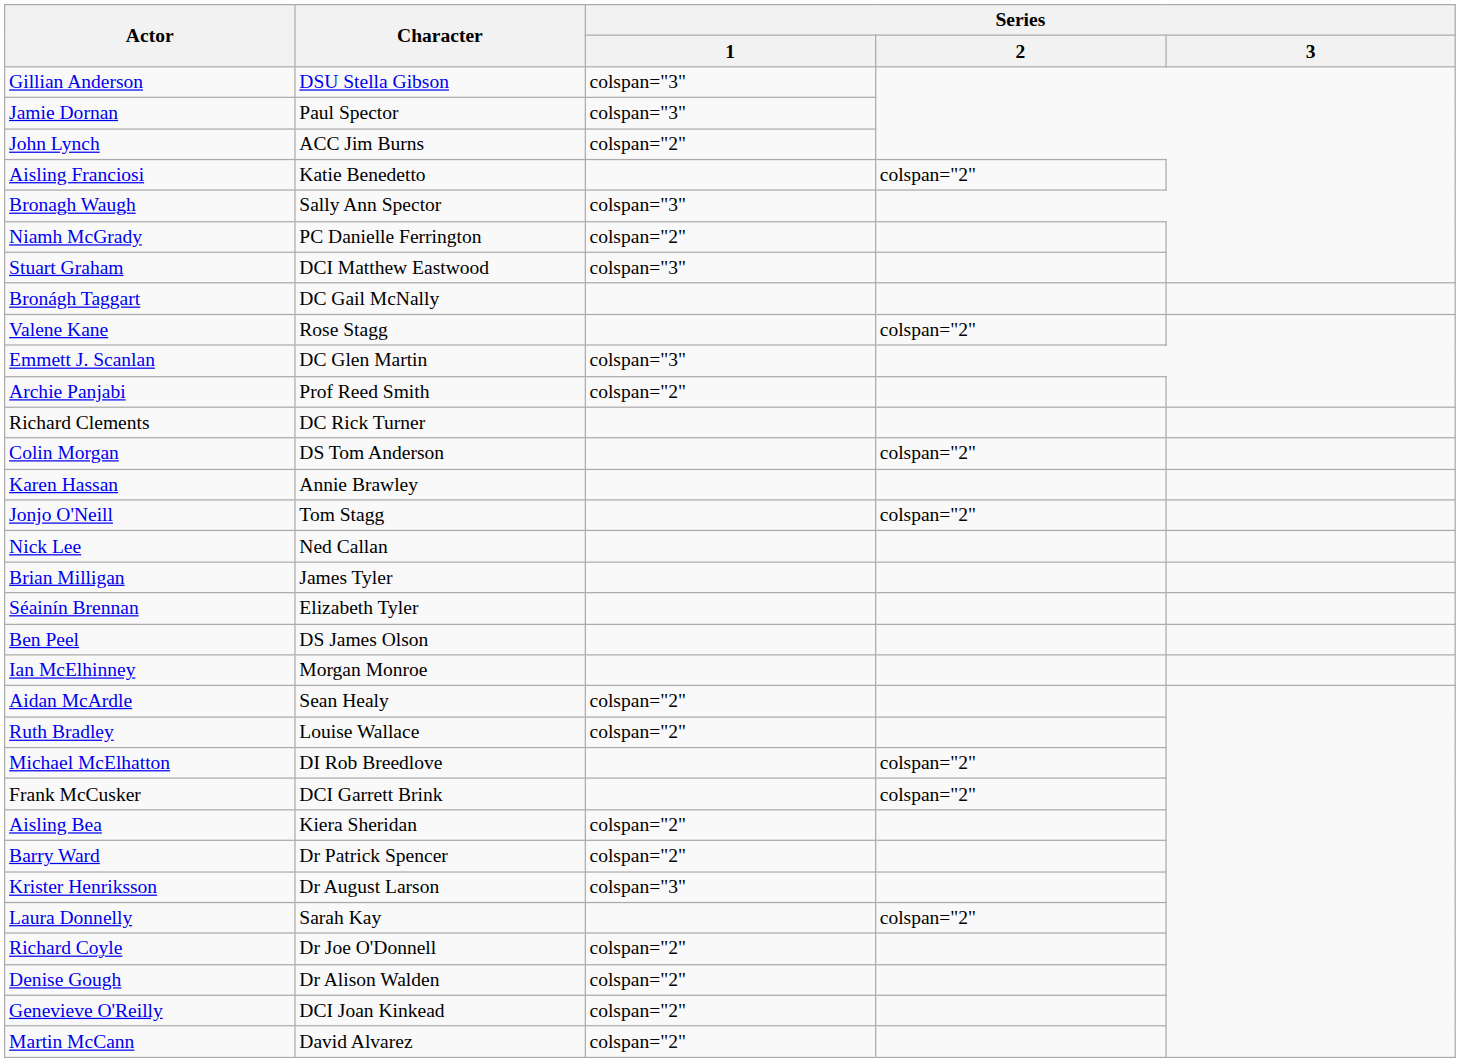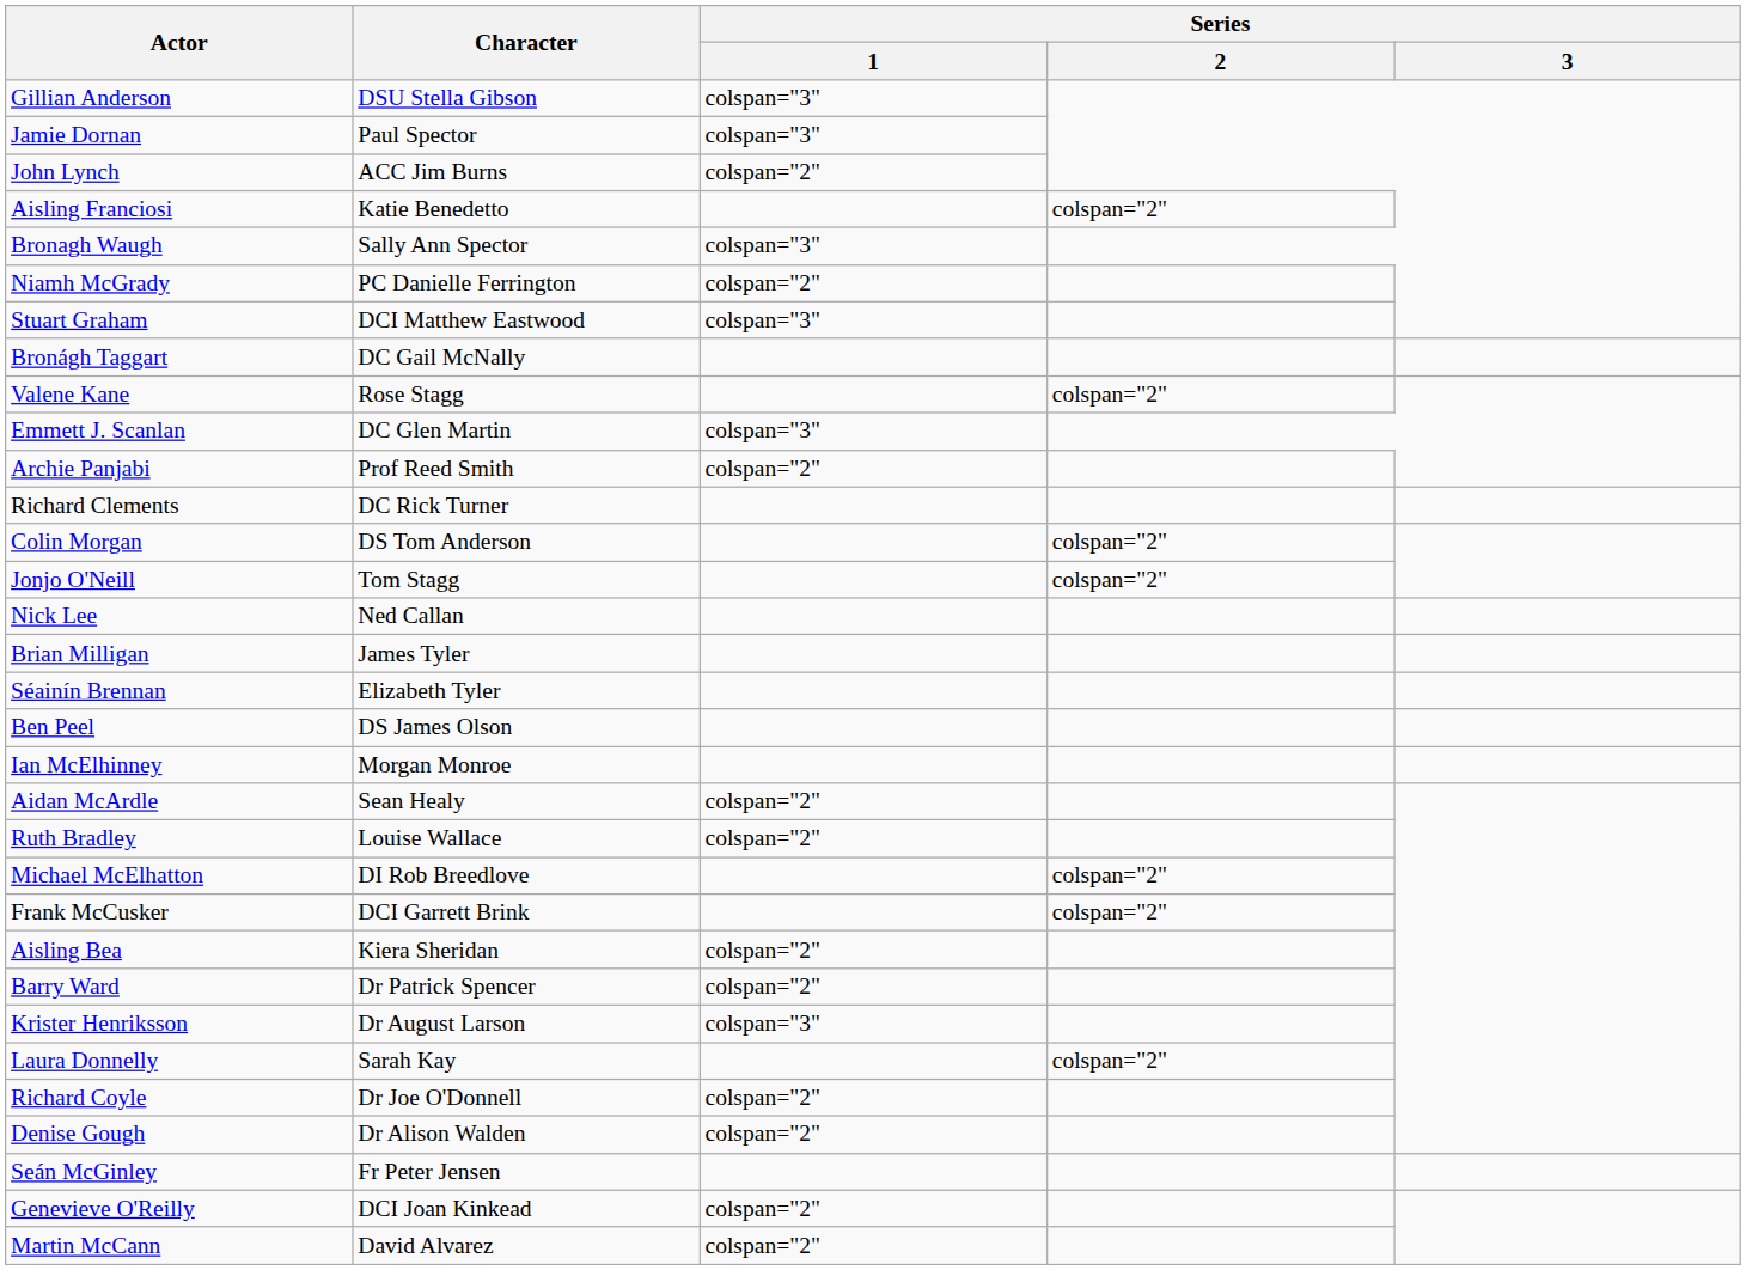 <table class="plainrowheaders wikitable" style="width:60%">
 <tr>
 <th rowspan="2" style="width:20%">Actor</th>
 <th rowspan="2" style="width:20%">Character</th>
 <th colspan="3">Series</th>
 </tr>
 <tr>
 <th style="width:20%">1</th>
 <th style="width:20%">2</th>
 <th style="width:20%">3</th>
 </tr>
 <tr>
 <td><a href='#'>Gillian Anderson</a></td>
 <td><a href='#'>DSU Stella Gibson</a></td>
 <td>colspan="3" </td>
 </tr>
 <tr>
 <td><a href='#'>Jamie Dornan</a></td>
 <td>Paul Spector</td>
 <td>colspan="3" </td>
 </tr>
 <tr>
 <td><a href='#'>John Lynch</a></td>
 <td>ACC Jim Burns</td>
 <td>colspan="2" </td>
 </tr>
 <tr>
 <td><a href='#'>Aisling Franciosi</a></td>
 <td>Katie Benedetto</td>
 <td></td>
 <td>colspan="2" </td>
 </tr>
 <tr>
 <td><a href='#'>Bronagh Waugh</a></td>
 <td>Sally Ann Spector</td>
 <td>colspan="3" </td>
 </tr>
 <tr>
 <td><a href='#'>Niamh McGrady</a></td>
 <td>PC Danielle Ferrington</td>
 <td>colspan="2" </td>
 <td></td>
 </tr>
 <tr>
 <td><a href='#'>Stuart Graham</a></td>
 <td>DCI Matthew Eastwood</td>
 <td>colspan="3" </td>
 <td></td>
 </tr>
 <tr>
 <td><a href='#'>Bronágh Taggart</a></td>
 <td>DC Gail McNally</td>
 <td></td>
 <td></td>
 <td></td>
 </tr>
 <tr>
 <td><a href='#'>Valene Kane</a></td>
 <td>Rose Stagg</td>
 <td></td>
 <td>colspan="2" </td>
 </tr>
 <tr>
 <td><a href='#'>Emmett J. Scanlan</a></td>
 <td>DC Glen Martin</td>
 <td>colspan="3" </td>
 </tr>
 <tr>
 <td><a href='#'>Archie Panjabi</a></td>
 <td>Prof Reed Smith</td>
 <td>colspan="2" </td>
 <td></td>
 </tr>
 <tr>
 <td>Richard Clements</td>
 <td>DC Rick Turner</td>
 <td></td>
 <td></td>
 <td></td>
 </tr>
 <tr>
 <td><a href='#'>Colin Morgan</a></td>
 <td>DS Tom Anderson</td>
 <td></td>
 <td>colspan="2" </td>
-</tr>
-<tr>
-<td><a href='#'>Karen Hassan</a></td>
-<td>Annie Brawley</td>
-<td></td>
-<td></td>
-<td></td>
 </tr>
 <tr>
 <td><a href='#'>Jonjo O'Neill</a></td>
 <td>Tom Stagg</td>
 <td></td>
 <td>colspan="2" </td>
 </tr>
 <tr>
 <td><a href='#'>Nick Lee</a></td>
 <td>Ned Callan</td>
 <td></td>
 <td></td>
 <td></td>
 </tr>
 <tr>
 <td><a href='#'>Brian Milligan</a></td>
 <td>James Tyler</td>
 <td></td>
 <td></td>
 <td></td>
 </tr>
 <tr>
 <td><a href='#'>Séainín Brennan</a></td>
 <td>Elizabeth Tyler</td>
 <td></td>
 <td></td>
 <td></td>
 </tr>
 <tr>
 <td><a href='#'>Ben Peel</a></td>
 <td>DS James Olson</td>
 <td></td>
 <td></td>
 <td></td>
 </tr>
 <tr>
 <td><a href='#'>Ian McElhinney</a></td>
 <td>Morgan Monroe</td>
 <td></td>
 <td></td>
 <td></td>
 </tr>
 <tr>
 <td><a href='#'>Aidan McArdle</a></td>
 <td>Sean Healy</td>
 <td>colspan="2" </td>
 <td></td>
 </tr>
 <tr>
 <td><a href='#'>Ruth Bradley</a></td>
 <td>Louise Wallace</td>
 <td>colspan="2" </td>
 <td></td>
 </tr>
 <tr>
 <td><a href='#'>Michael McElhatton</a></td>
 <td>DI Rob Breedlove</td>
 <td></td>
 <td>colspan="2" </td>
 </tr>
 <tr>
 <td>Frank McCusker</td>
 <td>DCI Garrett Brink</td>
 <td></td>
 <td>colspan="2" </td>
 </tr>
 <tr>
 <td><a href='#'>Aisling Bea</a></td>
 <td>Kiera Sheridan</td>
 <td>colspan="2" </td>
 <td></td>
 </tr>
 <tr>
 <td><a href='#'>Barry Ward</a></td>
 <td>Dr Patrick Spencer</td>
 <td>colspan="2" </td>
 <td></td>
 </tr>
 <tr>
 <td><a href='#'>Krister Henriksson</a></td>
 <td>Dr August Larson</td>
 <td>colspan="3" </td>
 <td></td>
 </tr>
 <tr>
 <td><a href='#'>Laura Donnelly</a></td>
 <td>Sarah Kay</td>
 <td></td>
 <td>colspan="2" </td>
 </tr>
 <tr>
 <td><a href='#'>Richard Coyle</a></td>
 <td>Dr Joe O'Donnell</td>
 <td>colspan="2" </td>
 <td></td>
 </tr>
 <tr>
 <td><a href='#'>Denise Gough</a></td>
 <td>Dr Alison Walden</td>
 <td>colspan="2" </td>
 <td></td>
 </tr>
 <tr>
+<td><a href='#'>Seán McGinley</a></td>
+<td>Fr Peter Jensen</td>
+<td></td>
+<td></td>
+<td></td>
+</tr>
+<tr>
 <td><a href='#'>Genevieve O'Reilly</a></td>
 <td>DCI Joan Kinkead</td>
 <td>colspan="2" </td>
 <td></td>
 </tr>
 <tr>
 <td><a href='#'>Martin McCann</a></td>
 <td>David Alvarez</td>
 <td>colspan="2" </td>
 <td></td>
 </tr>
 </table>
